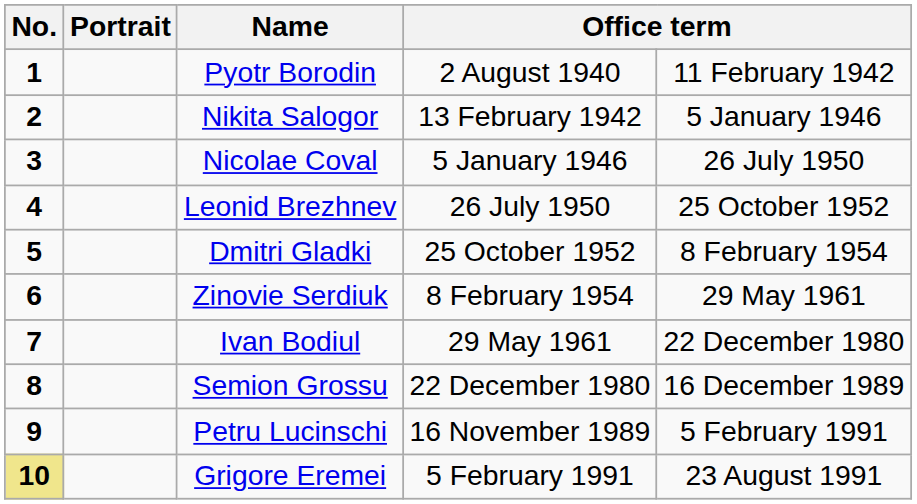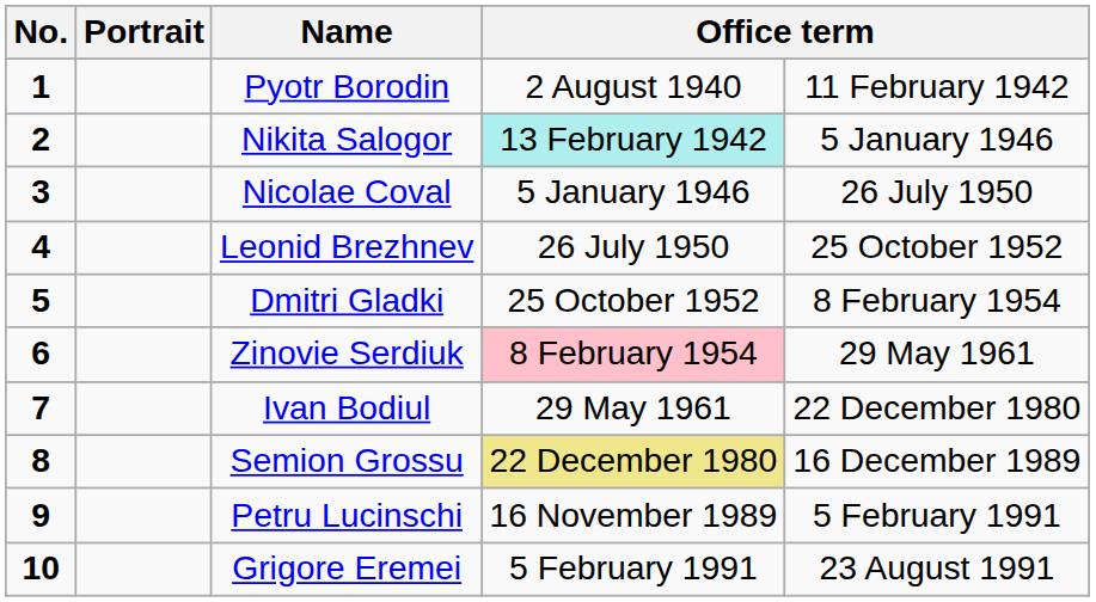 <table class="wikitable" style="text-align:center;">
 <tr>
 <th><strong>No.</strong></th>
 <th>Portrait</th>
 <th>Name<br></th>
 <th colspan="2">Office term</th>
 </tr>
 <tr>
 <td><strong>1</strong></td>
 <td></td>
 <td><a href='#'>Pyotr Borodin</a><br></td>
 <td>2 August 1940</td>
 <td>11 February 1942</td>
 </tr>
 <tr>
 <td><strong>2</strong></td>
 <td></td>
 <td><a href='#'>Nikita Salogor</a><br></td>
-<td>13 February 1942</td>
+<td style="background: paleturquoise;">13 February 1942</td>
 <td>5 January 1946</td>
 </tr>
 <tr>
 <td><strong>3</strong></td>
 <td></td>
 <td><a href='#'>Nicolae Coval</a><br></td>
 <td>5 January 1946</td>
 <td>26 July 1950</td>
 </tr>
 <tr>
 <td><strong>4</strong></td>
 <td></td>
 <td><a href='#'>Leonid Brezhnev</a><br></td>
 <td>26 July 1950</td>
 <td>25 October 1952</td>
 </tr>
 <tr>
 <td><strong>5</strong></td>
 <td></td>
 <td><a href='#'>Dmitri Gladki</a><br></td>
 <td>25 October 1952</td>
 <td>8 February 1954</td>
 </tr>
 <tr>
 <td><strong>6</strong></td>
 <td></td>
 <td><a href='#'>Zinovie Serdiuk</a><br></td>
-<td>8 February 1954</td>
+<td style="background: pink;">8 February 1954</td>
 <td>29 May 1961</td>
 </tr>
 <tr>
 <td><strong>7</strong></td>
 <td></td>
 <td><a href='#'>Ivan Bodiul</a><br></td>
 <td>29 May 1961</td>
 <td>22 December 1980</td>
 </tr>
 <tr>
 <td><strong>8</strong></td>
 <td></td>
 <td><a href='#'>Semion Grossu</a><br></td>
-<td>22 December 1980</td>
+<td style="background: khaki;">22 December 1980</td>
 <td>16 December 1989</td>
 </tr>
 <tr>
 <td><strong>9</strong></td>
 <td></td>
 <td><a href='#'>Petru Lucinschi</a><br></td>
 <td>16 November 1989</td>
 <td>5 February 1991</td>
 </tr>
 <tr>
-<td style="background: khaki;"><strong>10</strong></td>
+<td><strong>10</strong></td>
 <td></td>
 <td><a href='#'>Grigore Eremei</a><br></td>
 <td>5 February 1991</td>
 <td>23 August 1991</td>
 </tr>
 </table>
